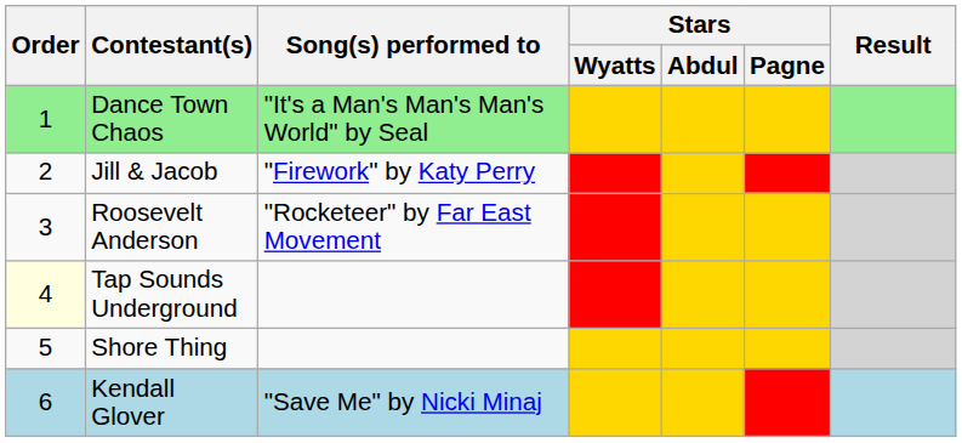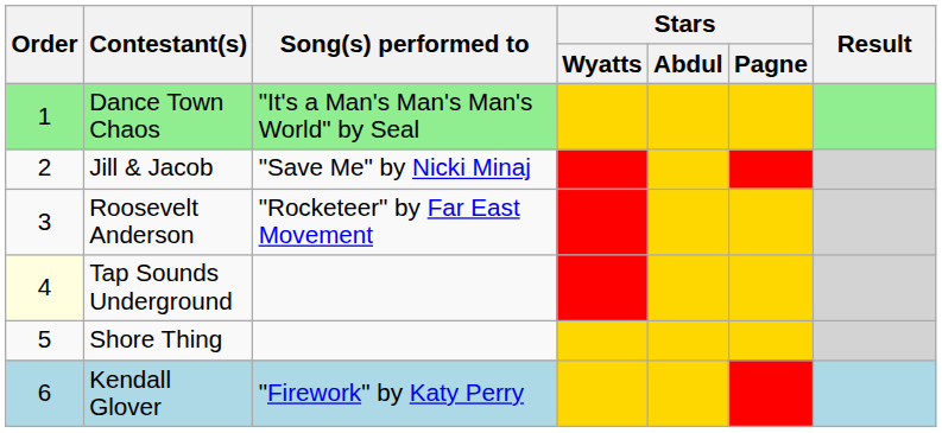 <table class="wikitable">
 <tr>
 <th style="width:5%;" rowspan="2">Order</th>
 <th style="width:15%;" rowspan="2">Contestant(s)</th>
 <th style="width:41%;" rowspan="2">Song(s) performed to</th>
 <th style="width:21%;" colspan="3">Stars</th>
 <th style="width:15%;" rowspan="2">Result</th>
 </tr>
 <tr>
 <th style="width:7%;">Wyatts</th>
 <th style="width:7%;">Abdul</th>
 <th style="width:7%;">Pagne</th>
 </tr>
 <tr bgcolor="lightgreen">
 <td style="text-align:center">1</td>
 <td>Dance Town Chaos</td>
 <td>"It's a Man's Man's Man's World" by Seal</td>
 <td bgcolor="gold"></td>
 <td bgcolor="gold"></td>
 <td bgcolor="gold"></td>
 <td></td>
 </tr>
 <tr>
 <td style="text-align:center">2</td>
 <td>Jill & Jacob</td>
-<td>"<a href='#'>Firework</a>" by <a href='#'>Katy Perry</a></td>
+<td>"Save Me" by <a href='#'>Nicki Minaj</a></td>
 <td bgcolor="red"></td>
 <td bgcolor="gold"></td>
 <td bgcolor="red"></td>
 <td bgcolor="lightgrey"></td>
 </tr>
 <tr>
 <td style="text-align:center">3</td>
 <td>Roosevelt Anderson</td>
 <td>"Rocketeer" by <a href='#'>Far East Movement</a></td>
 <td bgcolor="red"></td>
 <td bgcolor="gold"></td>
 <td bgcolor="gold"></td>
 <td bgcolor="lightgrey"></td>
 </tr>
 <tr>
 <td style="background: lightyellow; text-align:center">4</td>
 <td>Tap Sounds Underground</td>
 <td></td>
 <td bgcolor="red"></td>
 <td bgcolor="gold"></td>
 <td bgcolor="gold"></td>
 <td bgcolor="lightgrey"></td>
 </tr>
 <tr>
 <td style="text-align:center">5</td>
 <td>Shore Thing</td>
 <td></td>
 <td bgcolor="gold"></td>
 <td bgcolor="gold"></td>
 <td bgcolor="gold"></td>
 <td bgcolor="lightgrey"></td>
 </tr>
 <tr bgcolor="lightblue">
 <td style="text-align:center">6</td>
 <td>Kendall Glover</td>
-<td>"Save Me" by <a href='#'>Nicki Minaj</a></td>
+<td>"<a href='#'>Firework</a>" by <a href='#'>Katy Perry</a></td>
 <td bgcolor="gold"></td>
 <td bgcolor="gold"></td>
 <td bgcolor="red"></td>
 <td bgcolor="lightblue"></td>
 </tr>
 </table>
